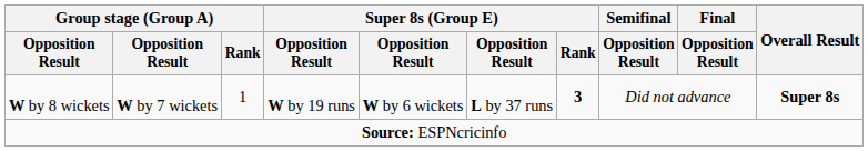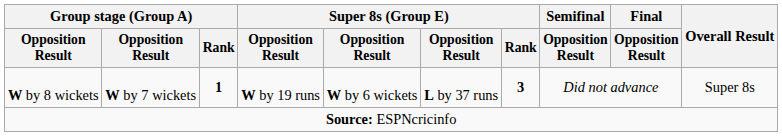 <table class=wikitable style=font-size:90%;text-align:center>
 <tr>
 <th colspan=3>Group stage (Group A)</th>
 <th colspan=4>Super 8s (Group E)</th>
 <th>Semifinal</th>
 <th>Final</th>
 <th rowspan=2>Overall Result</th>
 </tr>
 <tr style=font-size:95%>
 <th>Opposition<br>Result</th>
 <th>Opposition<br>Result</th>
 <th>Rank</th>
 <th>Opposition<br>Result</th>
 <th>Opposition<br>Result</th>
 <th>Opposition<br>Result</th>
 <th>Rank</th>
 <th>Opposition<br>Result</th>
 <th>Opposition<br>Result</th>
 </tr>
 <tr>
 <td><br><strong>W</strong> by 8 wickets</td>
 <td><br><strong>W</strong> by 7 wickets</td>
-<td>1</td>
+<td><strong>1</strong></td>
 <td><br><strong>W</strong> by 19 runs</td>
 <td><br><strong>W</strong> by 6 wickets</td>
 <td><br><strong>L</strong> by 37 runs</td>
 <td><strong>3</strong></td>
 <td colspan=2><em>Did not advance</em></td>
-<td><strong>Super 8s</strong></td>
+<td>Super 8s</td>
 </tr>
 <tr>
 <td colspan="11"><strong>Source:</strong> ESPNcricinfo</td>
 </tr>
 </table>
